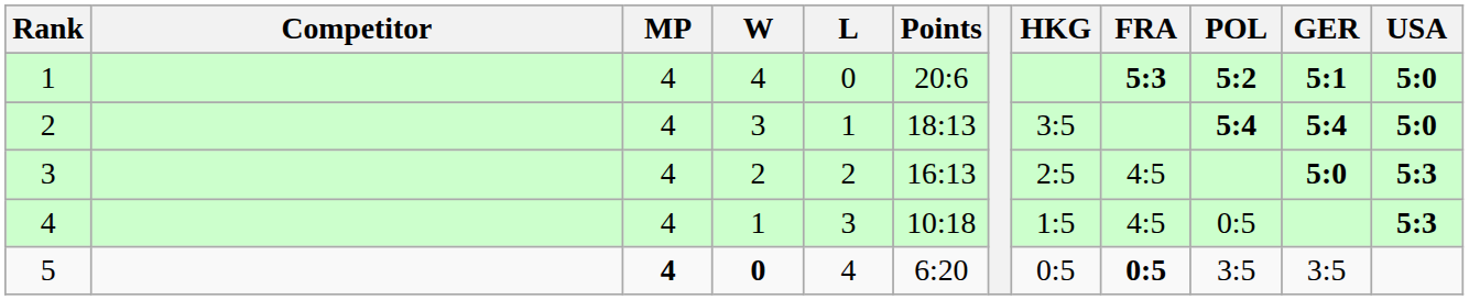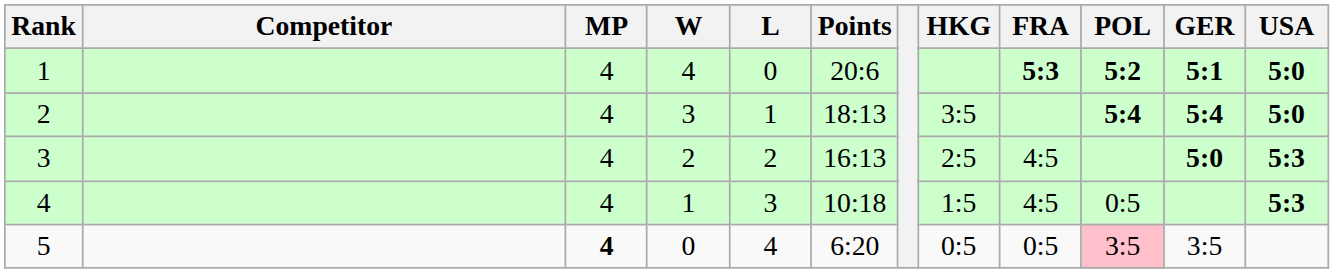 <table class="wikitable" style="text-align:center">
 <tr>
 <th>Rank</th>
 <th style="width:17em">Competitor</th>
 <th style="width:2.5em">MP</th>
 <th style="width:2.5em">W</th>
 <th style="width:2.5em">L</th>
 <th>Points</th>
 <th rowspan="6"> </th>
 <th style="width:2.5em">HKG</th>
 <th style="width:2.5em">FRA</th>
 <th style="width:2.5em">POL</th>
 <th style="width:2.5em">GER</th>
 <th style="width:2.5em">USA</th>
 </tr>
 <tr style="background:#cfc;">
 <td>1</td>
 <td style="text-align:left"></td>
 <td>4</td>
 <td>4</td>
 <td>0</td>
 <td>20:6</td>
 <td></td>
 <td><strong>5:3</strong></td>
 <td><strong>5:2</strong></td>
 <td><strong>5:1</strong></td>
 <td><strong>5:0</strong></td>
 </tr>
 <tr style="background:#cfc;">
 <td>2</td>
 <td style="text-align:left"></td>
 <td>4</td>
 <td>3</td>
 <td>1</td>
 <td>18:13</td>
 <td>3:5</td>
 <td></td>
 <td><strong>5:4</strong></td>
 <td><strong>5:4</strong></td>
 <td><strong>5:0</strong></td>
 </tr>
 <tr style="background:#cfc;">
 <td>3</td>
 <td style="text-align:left"></td>
 <td>4</td>
 <td>2</td>
 <td>2</td>
 <td>16:13</td>
 <td>2:5</td>
 <td>4:5</td>
 <td></td>
 <td><strong>5:0</strong></td>
 <td><strong>5:3</strong></td>
 </tr>
 <tr style="background:#cfc;">
 <td>4</td>
 <td style="text-align:left"></td>
 <td>4</td>
 <td>1</td>
 <td>3</td>
 <td>10:18</td>
 <td>1:5</td>
 <td>4:5</td>
 <td>0:5</td>
 <td></td>
 <td><strong>5:3</strong></td>
 </tr>
 <tr>
 <td>5</td>
 <td style="text-align:left"></td>
 <td><strong>4</strong></td>
-<td><strong>0</strong></td>
+<td>0</td>
 <td>4</td>
 <td>6:20</td>
 <td>0:5</td>
-<td><strong>0:5</strong></td>
-<td>3:5</td>
+<td>0:5</td>
+<td style="background: pink;">3:5</td>
 <td>3:5</td>
 <td></td>
 </tr>
 </table>
